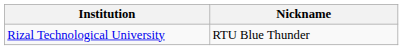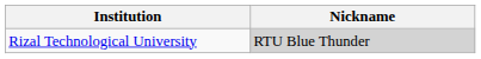 <table class="wikitable" style="width: 80%">
 <tr>
 <th width=7%>Institution</th>
 <th width=7%>Nickname</th>
 </tr>
 <tr>
 <td><a href='#'>Rizal Technological University</a></td>
-<td>RTU Blue Thunder</td>
+<td style="background: lightgrey;">RTU Blue Thunder</td>
 </tr>
 </table>
